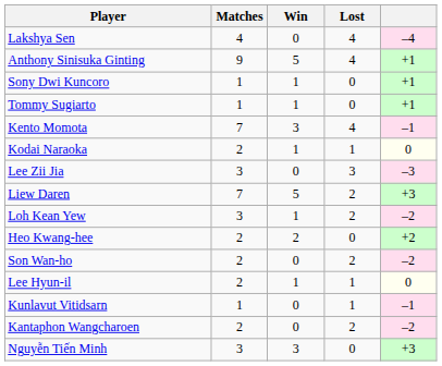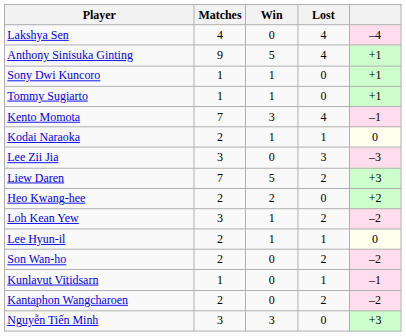 <table class=wikitable style="text-align:center; font-size:small">
 <tr>
 <th width="200">Player</th>
 <th width="50">Matches</th>
 <th width="50">Win</th>
 <th width="50">Lost</th>
 <th width="50"></th>
 </tr>
 <tr>
 <td align="left"> <a href='#'>Lakshya Sen</a></td>
 <td>4</td>
 <td>0</td>
 <td>4</td>
 <td bgcolor="#ffddee">–4</td>
 </tr>
 <tr>
 <td align="left"> <a href='#'>Anthony Sinisuka Ginting</a></td>
 <td>9</td>
 <td>5</td>
 <td>4</td>
 <td bgcolor="#ccffcc">+1</td>
 </tr>
 <tr>
 <td align="left"> <a href='#'>Sony Dwi Kuncoro</a></td>
 <td>1</td>
 <td>1</td>
 <td>0</td>
 <td bgcolor="#ccffcc">+1</td>
 </tr>
 <tr>
 <td align="left"> <a href='#'>Tommy Sugiarto</a></td>
 <td>1</td>
 <td>1</td>
 <td>0</td>
 <td bgcolor="#ccffcc">+1</td>
 </tr>
 <tr>
 <td align="left"> <a href='#'>Kento Momota</a></td>
 <td>7</td>
 <td>3</td>
 <td>4</td>
 <td bgcolor="#ffddee">–1</td>
 </tr>
 <tr>
 <td align="left"> <a href='#'>Kodai Naraoka</a></td>
 <td>2</td>
 <td>1</td>
 <td>1</td>
 <td bgcolor="#fffff0">0</td>
 </tr>
 <tr>
 <td align="left"> <a href='#'>Lee Zii Jia</a></td>
 <td>3</td>
 <td>0</td>
 <td>3</td>
 <td bgcolor="#ffddee">–3</td>
 </tr>
 <tr>
 <td align="left"> <a href='#'>Liew Daren</a></td>
 <td>7</td>
 <td>5</td>
 <td>2</td>
 <td bgcolor="#ccffcc">+3</td>
 </tr>
 <tr>
-<td align="left"> <a href='#'>Loh Kean Yew</a></td>
-<td>3</td>
-<td>1</td>
-<td>2</td>
-<td bgcolor="#ffddee">–2</td>
-</tr>
-<tr>
 <td align="left"> <a href='#'>Heo Kwang-hee</a></td>
 <td>2</td>
 <td>2</td>
 <td>0</td>
 <td bgcolor="#ccffcc">+2</td>
 </tr>
 <tr>
-<td align="left"> <a href='#'>Son Wan-ho</a></td>
-<td>2</td>
-<td>0</td>
+<td align="left"> <a href='#'>Loh Kean Yew</a></td>
+<td>3</td>
+<td>1</td>
 <td>2</td>
 <td bgcolor="#ffddee">–2</td>
 </tr>
 <tr>
 <td align="left"> <a href='#'>Lee Hyun-il</a></td>
 <td>2</td>
 <td>1</td>
 <td>1</td>
 <td bgcolor="#fffff0">0</td>
+</tr>
+<tr>
+<td align="left"> <a href='#'>Son Wan-ho</a></td>
+<td>2</td>
+<td>0</td>
+<td>2</td>
+<td bgcolor="#ffddee">–2</td>
 </tr>
 <tr>
 <td align="left"> <a href='#'>Kunlavut Vitidsarn</a></td>
 <td>1</td>
 <td>0</td>
 <td>1</td>
 <td bgcolor="#ffddee">–1</td>
 </tr>
 <tr>
 <td align="left"> <a href='#'>Kantaphon Wangcharoen</a></td>
 <td>2</td>
 <td>0</td>
 <td>2</td>
 <td bgcolor="#ffddee">–2</td>
 </tr>
 <tr>
 <td align="left"> <a href='#'>Nguyễn Tiến Minh</a></td>
 <td>3</td>
 <td>3</td>
 <td>0</td>
 <td bgcolor="#ccffcc">+3</td>
 </tr>
 </table>
